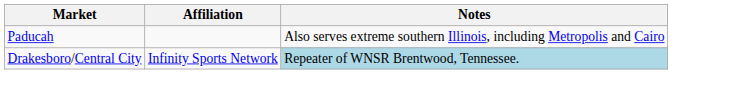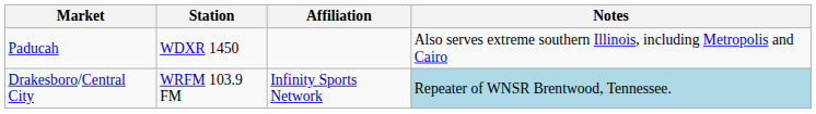 <table class="wikitable" border="1">
 <tr>
 <th>Market</th>
+<th>Station</th>
 <th>Affiliation</th>
 <th>Notes</th>
 </tr>
 <tr>
 <td><a href='#'>Paducah</a></td>
+<td><a href='#'>WDXR</a> 1450</td>
 <td></td>
 <td>Also serves extreme southern <a href='#'>Illinois</a>, including <a href='#'>Metropolis</a> and <a href='#'>Cairo</a></td>
 </tr>
 <tr>
 <td><a href='#'>Drakesboro</a>/<a href='#'>Central City</a></td>
+<td><a href='#'>WRFM</a> 103.9 FM</td>
 <td><a href='#'>Infinity Sports Network</a></td>
 <td style="background: lightblue;">Repeater of WNSR Brentwood, Tennessee.</td>
 </tr>
 </table>
